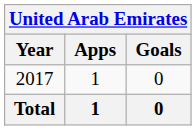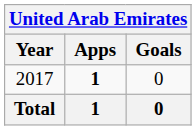 <table class="wikitable" style="text-align:center">
 <tr>
 <th colspan=3><a href='#'>United Arab Emirates</a></th>
 </tr>
 <tr>
 <th>Year</th>
 <th>Apps</th>
 <th>Goals</th>
 </tr>
 <tr>
 <td>2017</td>
-<td>1</td>
+<td><strong>1</strong></td>
 <td>0</td>
 </tr>
 <tr>
 <th>Total</th>
 <th>1</th>
 <th>0</th>
 </tr>
 </table>
